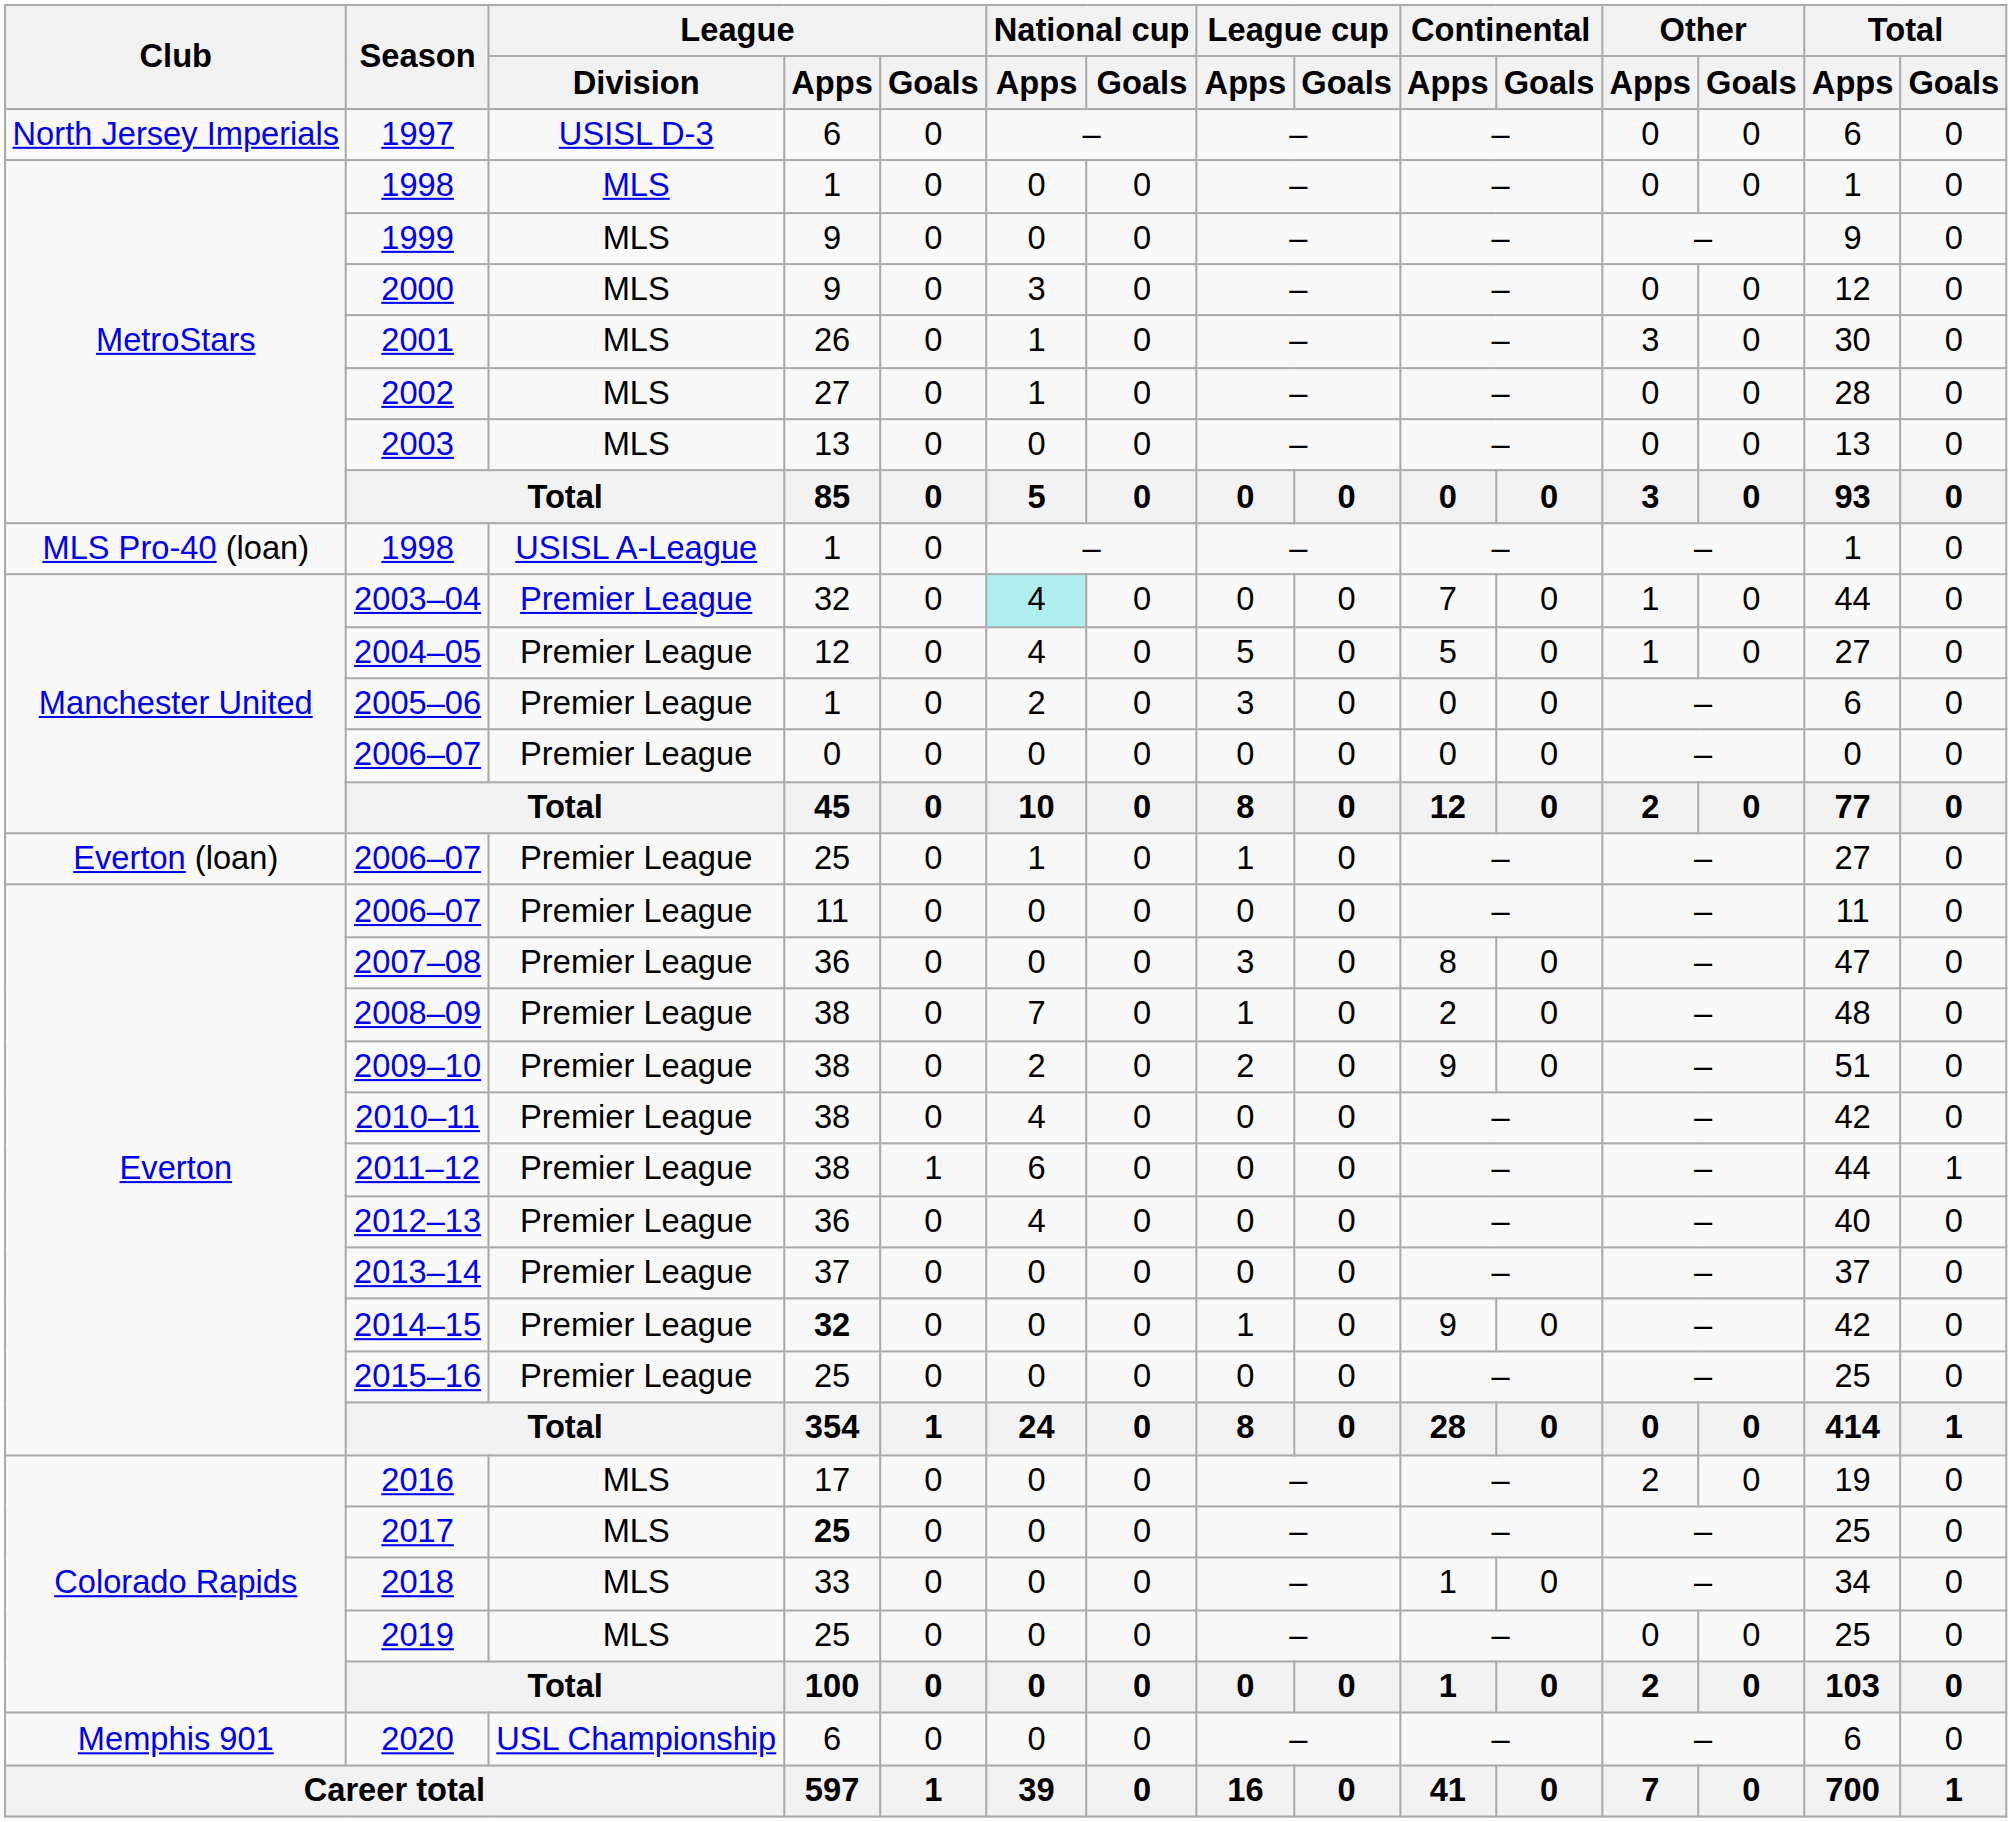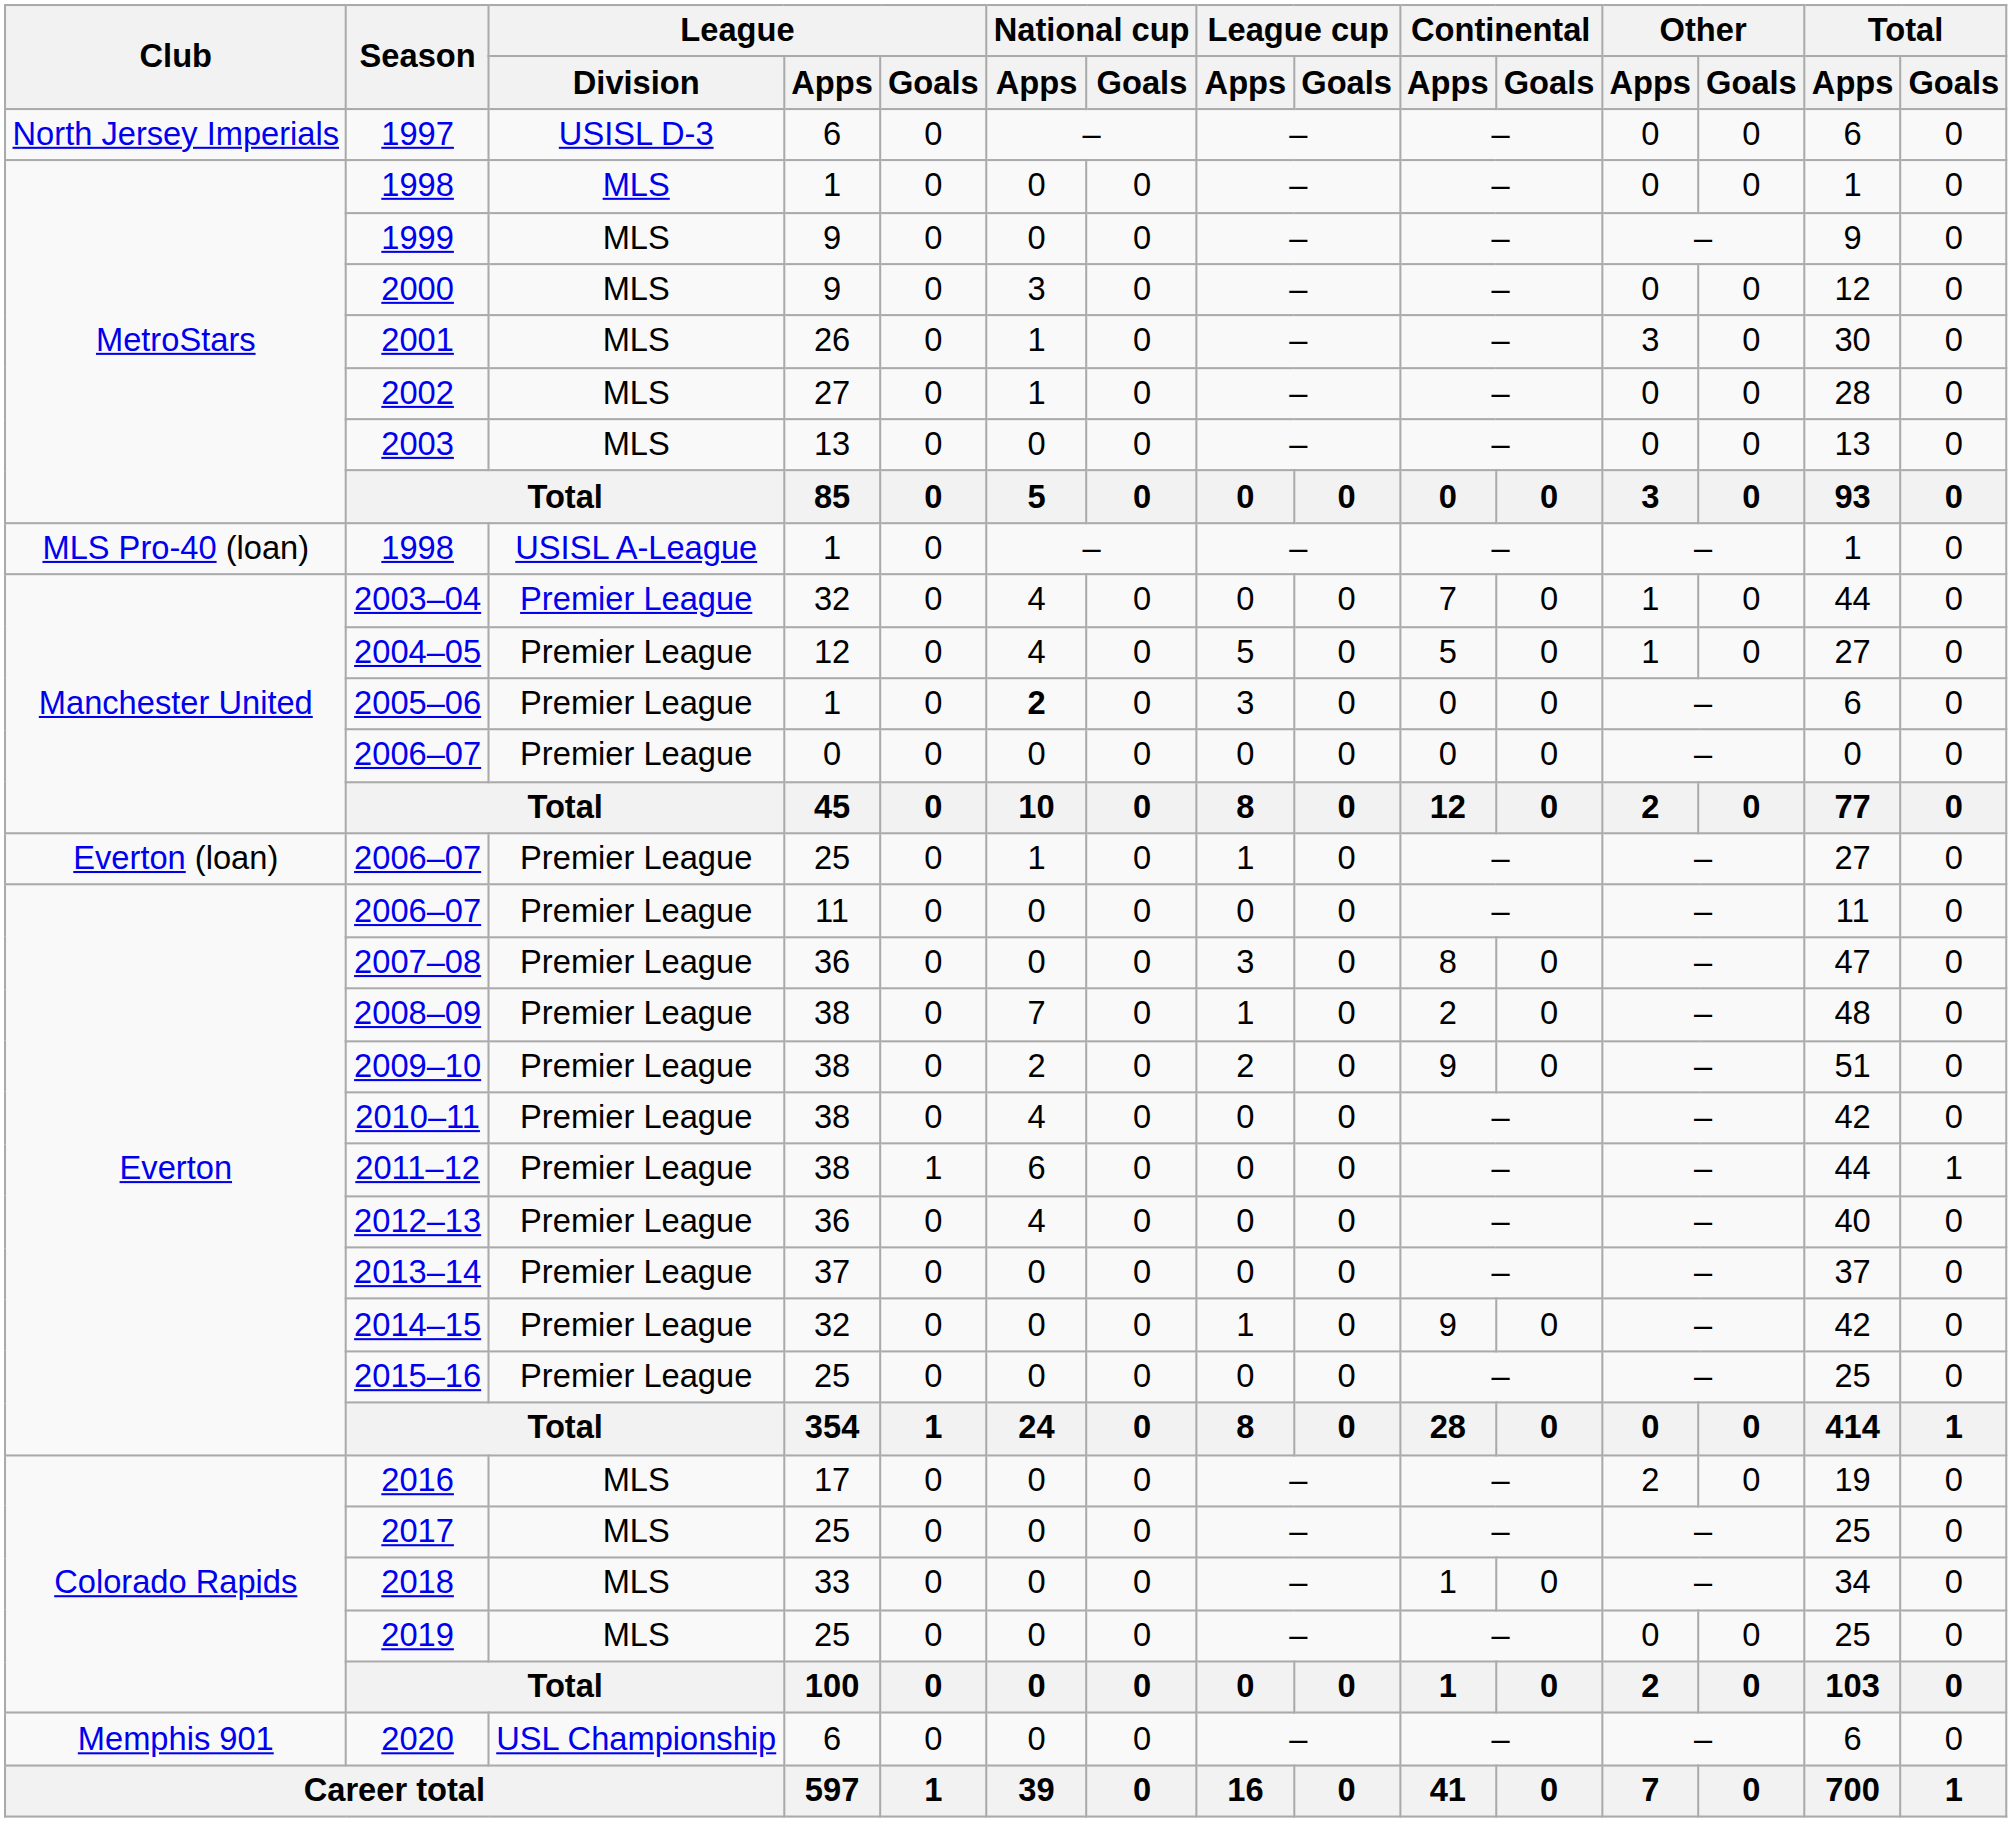 <table class="wikitable" style="text-align:center">
 <tr>
 <th rowspan="2">Club</th>
 <th rowspan="2">Season</th>
 <th colspan="3">League</th>
 <th colspan="2">National cup</th>
 <th colspan="2">League cup</th>
 <th colspan="2">Continental</th>
 <th colspan="2">Other</th>
 <th colspan="2">Total</th>
 </tr>
 <tr>
 <th>Division</th>
 <th>Apps</th>
 <th>Goals</th>
 <th>Apps</th>
 <th>Goals</th>
 <th>Apps</th>
 <th>Goals</th>
 <th>Apps</th>
 <th>Goals</th>
 <th>Apps</th>
 <th>Goals</th>
 <th>Apps</th>
 <th>Goals</th>
 </tr>
 <tr>
 <td><a href='#'>North Jersey Imperials</a></td>
 <td><a href='#'>1997</a></td>
 <td><a href='#'>USISL D-3</a></td>
 <td>6</td>
 <td>0</td>
 <td colspan="2">–</td>
 <td colspan="2">–</td>
 <td colspan="2">–</td>
 <td>0</td>
 <td>0</td>
 <td>6</td>
 <td>0</td>
 </tr>
 <tr>
 <td rowspan="7"><a href='#'>MetroStars</a></td>
 <td><a href='#'>1998</a></td>
 <td><a href='#'>MLS</a></td>
 <td>1</td>
 <td>0</td>
 <td>0</td>
 <td>0</td>
 <td colspan="2">–</td>
 <td colspan="2">–</td>
 <td>0</td>
 <td>0</td>
 <td>1</td>
 <td>0</td>
 </tr>
 <tr>
 <td><a href='#'>1999</a></td>
 <td>MLS</td>
 <td>9</td>
 <td>0</td>
 <td>0</td>
 <td>0</td>
 <td colspan="2">–</td>
 <td colspan="2">–</td>
 <td colspan="2">–</td>
 <td>9</td>
 <td>0</td>
 </tr>
 <tr>
 <td><a href='#'>2000</a></td>
 <td>MLS</td>
 <td>9</td>
 <td>0</td>
 <td>3</td>
 <td>0</td>
 <td colspan="2">–</td>
 <td colspan="2">–</td>
 <td>0</td>
 <td>0</td>
 <td>12</td>
 <td>0</td>
 </tr>
 <tr>
 <td><a href='#'>2001</a></td>
 <td>MLS</td>
 <td>26</td>
 <td>0</td>
 <td>1</td>
 <td>0</td>
 <td colspan="2">–</td>
 <td colspan="2">–</td>
 <td>3</td>
 <td>0</td>
 <td>30</td>
 <td>0</td>
 </tr>
 <tr>
 <td><a href='#'>2002</a></td>
 <td>MLS</td>
 <td>27</td>
 <td>0</td>
 <td>1</td>
 <td>0</td>
 <td colspan="2">–</td>
 <td colspan="2">–</td>
 <td>0</td>
 <td>0</td>
 <td>28</td>
 <td>0</td>
 </tr>
 <tr>
 <td><a href='#'>2003</a></td>
 <td>MLS</td>
 <td>13</td>
 <td>0</td>
 <td>0</td>
 <td>0</td>
 <td colspan="2">–</td>
 <td colspan="2">–</td>
 <td>0</td>
 <td>0</td>
 <td>13</td>
 <td>0</td>
 </tr>
 <tr>
 <th colspan="2">Total</th>
 <th>85</th>
 <th>0</th>
 <th>5</th>
 <th>0</th>
 <th>0</th>
 <th>0</th>
 <th>0</th>
 <th>0</th>
 <th>3</th>
 <th>0</th>
 <th>93</th>
 <th>0</th>
 </tr>
 <tr>
 <td><a href='#'>MLS Pro-40</a> (loan)</td>
 <td><a href='#'>1998</a></td>
 <td><a href='#'>USISL A-League</a></td>
 <td>1</td>
 <td>0</td>
 <td colspan="2">–</td>
 <td colspan="2">–</td>
 <td colspan="2">–</td>
 <td colspan="2">–</td>
 <td>1</td>
 <td>0</td>
 </tr>
 <tr>
 <td rowspan="5"><a href='#'>Manchester United</a></td>
 <td><a href='#'>2003–04</a></td>
 <td><a href='#'>Premier League</a></td>
 <td>32</td>
 <td>0</td>
-<td style="background: paleturquoise;">4</td>
+<td>4</td>
 <td>0</td>
 <td>0</td>
 <td>0</td>
 <td>7</td>
 <td>0</td>
 <td>1</td>
 <td>0</td>
 <td>44</td>
 <td>0</td>
 </tr>
 <tr>
 <td><a href='#'>2004–05</a></td>
 <td>Premier League</td>
 <td>12</td>
 <td>0</td>
 <td>4</td>
 <td>0</td>
 <td>5</td>
 <td>0</td>
 <td>5</td>
 <td>0</td>
 <td>1</td>
 <td>0</td>
 <td>27</td>
 <td>0</td>
 </tr>
 <tr>
 <td><a href='#'>2005–06</a></td>
 <td>Premier League</td>
 <td>1</td>
 <td>0</td>
-<td>2</td>
+<td><strong>2</strong></td>
 <td>0</td>
 <td>3</td>
 <td>0</td>
 <td>0</td>
 <td>0</td>
 <td colspan="2">–</td>
 <td>6</td>
 <td>0</td>
 </tr>
 <tr>
 <td><a href='#'>2006–07</a></td>
 <td>Premier League</td>
 <td>0</td>
 <td>0</td>
 <td>0</td>
 <td>0</td>
 <td>0</td>
 <td>0</td>
 <td>0</td>
 <td>0</td>
 <td colspan="2">–</td>
 <td>0</td>
 <td>0</td>
 </tr>
 <tr>
 <th colspan="2">Total</th>
 <th>45</th>
 <th>0</th>
 <th>10</th>
 <th>0</th>
 <th>8</th>
 <th>0</th>
 <th>12</th>
 <th>0</th>
 <th>2</th>
 <th>0</th>
 <th>77</th>
 <th>0</th>
 </tr>
 <tr>
 <td><a href='#'>Everton</a> (loan)</td>
 <td><a href='#'>2006–07</a></td>
 <td>Premier League</td>
 <td>25</td>
 <td>0</td>
 <td>1</td>
 <td>0</td>
 <td>1</td>
 <td>0</td>
 <td colspan="2">–</td>
 <td colspan="2">–</td>
 <td>27</td>
 <td>0</td>
 </tr>
 <tr>
 <td rowspan="11"><a href='#'>Everton</a></td>
 <td><a href='#'>2006–07</a></td>
 <td>Premier League</td>
 <td>11</td>
 <td>0</td>
 <td>0</td>
 <td>0</td>
 <td>0</td>
 <td>0</td>
 <td colspan="2">–</td>
 <td colspan="2">–</td>
 <td>11</td>
 <td>0</td>
 </tr>
 <tr>
 <td><a href='#'>2007–08</a></td>
 <td>Premier League</td>
 <td>36</td>
 <td>0</td>
 <td>0</td>
 <td>0</td>
 <td>3</td>
 <td>0</td>
 <td>8</td>
 <td>0</td>
 <td colspan="2">–</td>
 <td>47</td>
 <td>0</td>
 </tr>
 <tr>
 <td><a href='#'>2008–09</a></td>
 <td>Premier League</td>
 <td>38</td>
 <td>0</td>
 <td>7</td>
 <td>0</td>
 <td>1</td>
 <td>0</td>
 <td>2</td>
 <td>0</td>
 <td colspan="2">–</td>
 <td>48</td>
 <td>0</td>
 </tr>
 <tr>
 <td><a href='#'>2009–10</a></td>
 <td>Premier League</td>
 <td>38</td>
 <td>0</td>
 <td>2</td>
 <td>0</td>
 <td>2</td>
 <td>0</td>
 <td>9</td>
 <td>0</td>
 <td colspan="2">–</td>
 <td>51</td>
 <td>0</td>
 </tr>
 <tr>
 <td><a href='#'>2010–11</a></td>
 <td>Premier League</td>
 <td>38</td>
 <td>0</td>
 <td>4</td>
 <td>0</td>
 <td>0</td>
 <td>0</td>
 <td colspan="2">–</td>
 <td colspan="2">–</td>
 <td>42</td>
 <td>0</td>
 </tr>
 <tr>
 <td><a href='#'>2011–12</a></td>
 <td>Premier League</td>
 <td>38</td>
 <td>1</td>
 <td>6</td>
 <td>0</td>
 <td>0</td>
 <td>0</td>
 <td colspan="2">–</td>
 <td colspan="2">–</td>
 <td>44</td>
 <td>1</td>
 </tr>
 <tr>
 <td><a href='#'>2012–13</a></td>
 <td>Premier League</td>
 <td>36</td>
 <td>0</td>
 <td>4</td>
 <td>0</td>
 <td>0</td>
 <td>0</td>
 <td colspan="2">–</td>
 <td colspan="2">–</td>
 <td>40</td>
 <td>0</td>
 </tr>
 <tr>
 <td><a href='#'>2013–14</a></td>
 <td>Premier League</td>
 <td>37</td>
 <td>0</td>
 <td>0</td>
 <td>0</td>
 <td>0</td>
 <td>0</td>
 <td colspan="2">–</td>
 <td colspan="2">–</td>
 <td>37</td>
 <td>0</td>
 </tr>
 <tr>
 <td><a href='#'>2014–15</a></td>
 <td>Premier League</td>
-<td><strong>32</strong></td>
+<td>32</td>
 <td>0</td>
 <td>0</td>
 <td>0</td>
 <td>1</td>
 <td>0</td>
 <td>9</td>
 <td>0</td>
 <td colspan="2">–</td>
 <td>42</td>
 <td>0</td>
 </tr>
 <tr>
 <td><a href='#'>2015–16</a></td>
 <td>Premier League</td>
 <td>25</td>
 <td>0</td>
 <td>0</td>
 <td>0</td>
 <td>0</td>
 <td>0</td>
 <td colspan="2">–</td>
 <td colspan="2">–</td>
 <td>25</td>
 <td>0</td>
 </tr>
 <tr>
 <th colspan="2">Total</th>
 <th>354</th>
 <th>1</th>
 <th>24</th>
 <th>0</th>
 <th>8</th>
 <th>0</th>
 <th>28</th>
 <th>0</th>
 <th>0</th>
 <th>0</th>
 <th>414</th>
 <th>1</th>
 </tr>
 <tr>
 <td rowspan="5"><a href='#'>Colorado Rapids</a></td>
 <td><a href='#'>2016</a></td>
 <td>MLS</td>
 <td>17</td>
 <td>0</td>
 <td>0</td>
 <td>0</td>
 <td colspan="2">–</td>
 <td colspan="2">–</td>
 <td>2</td>
 <td>0</td>
 <td>19</td>
 <td>0</td>
 </tr>
 <tr>
 <td><a href='#'>2017</a></td>
 <td>MLS</td>
-<td><strong>25</strong></td>
+<td>25</td>
 <td>0</td>
 <td>0</td>
 <td>0</td>
 <td colspan="2">–</td>
 <td colspan="2">–</td>
 <td colspan="2">–</td>
 <td>25</td>
 <td>0</td>
 </tr>
 <tr>
 <td><a href='#'>2018</a></td>
 <td>MLS</td>
 <td>33</td>
 <td>0</td>
 <td>0</td>
 <td>0</td>
 <td colspan="2">–</td>
 <td>1</td>
 <td>0</td>
 <td colspan="2">–</td>
 <td>34</td>
 <td>0</td>
 </tr>
 <tr>
 <td><a href='#'>2019</a></td>
 <td>MLS</td>
 <td>25</td>
 <td>0</td>
 <td>0</td>
 <td>0</td>
 <td colspan="2">–</td>
 <td colspan="2">–</td>
 <td>0</td>
 <td>0</td>
 <td>25</td>
 <td>0</td>
 </tr>
 <tr>
 <th colspan="2">Total</th>
 <th>100</th>
 <th>0</th>
 <th>0</th>
 <th>0</th>
 <th>0</th>
 <th>0</th>
 <th>1</th>
 <th>0</th>
 <th>2</th>
 <th>0</th>
 <th>103</th>
 <th>0</th>
 </tr>
 <tr>
 <td><a href='#'>Memphis 901</a></td>
 <td><a href='#'>2020</a></td>
 <td><a href='#'>USL Championship</a></td>
 <td>6</td>
 <td>0</td>
 <td>0</td>
 <td>0</td>
 <td colspan="2">–</td>
 <td colspan="2">–</td>
 <td colspan="2">–</td>
 <td>6</td>
 <td>0</td>
 </tr>
 <tr>
 <th colspan="3">Career total</th>
 <th>597</th>
 <th>1</th>
 <th>39</th>
 <th>0</th>
 <th>16</th>
 <th>0</th>
 <th>41</th>
 <th>0</th>
 <th>7</th>
 <th>0</th>
 <th>700</th>
 <th>1</th>
 </tr>
 </table>
